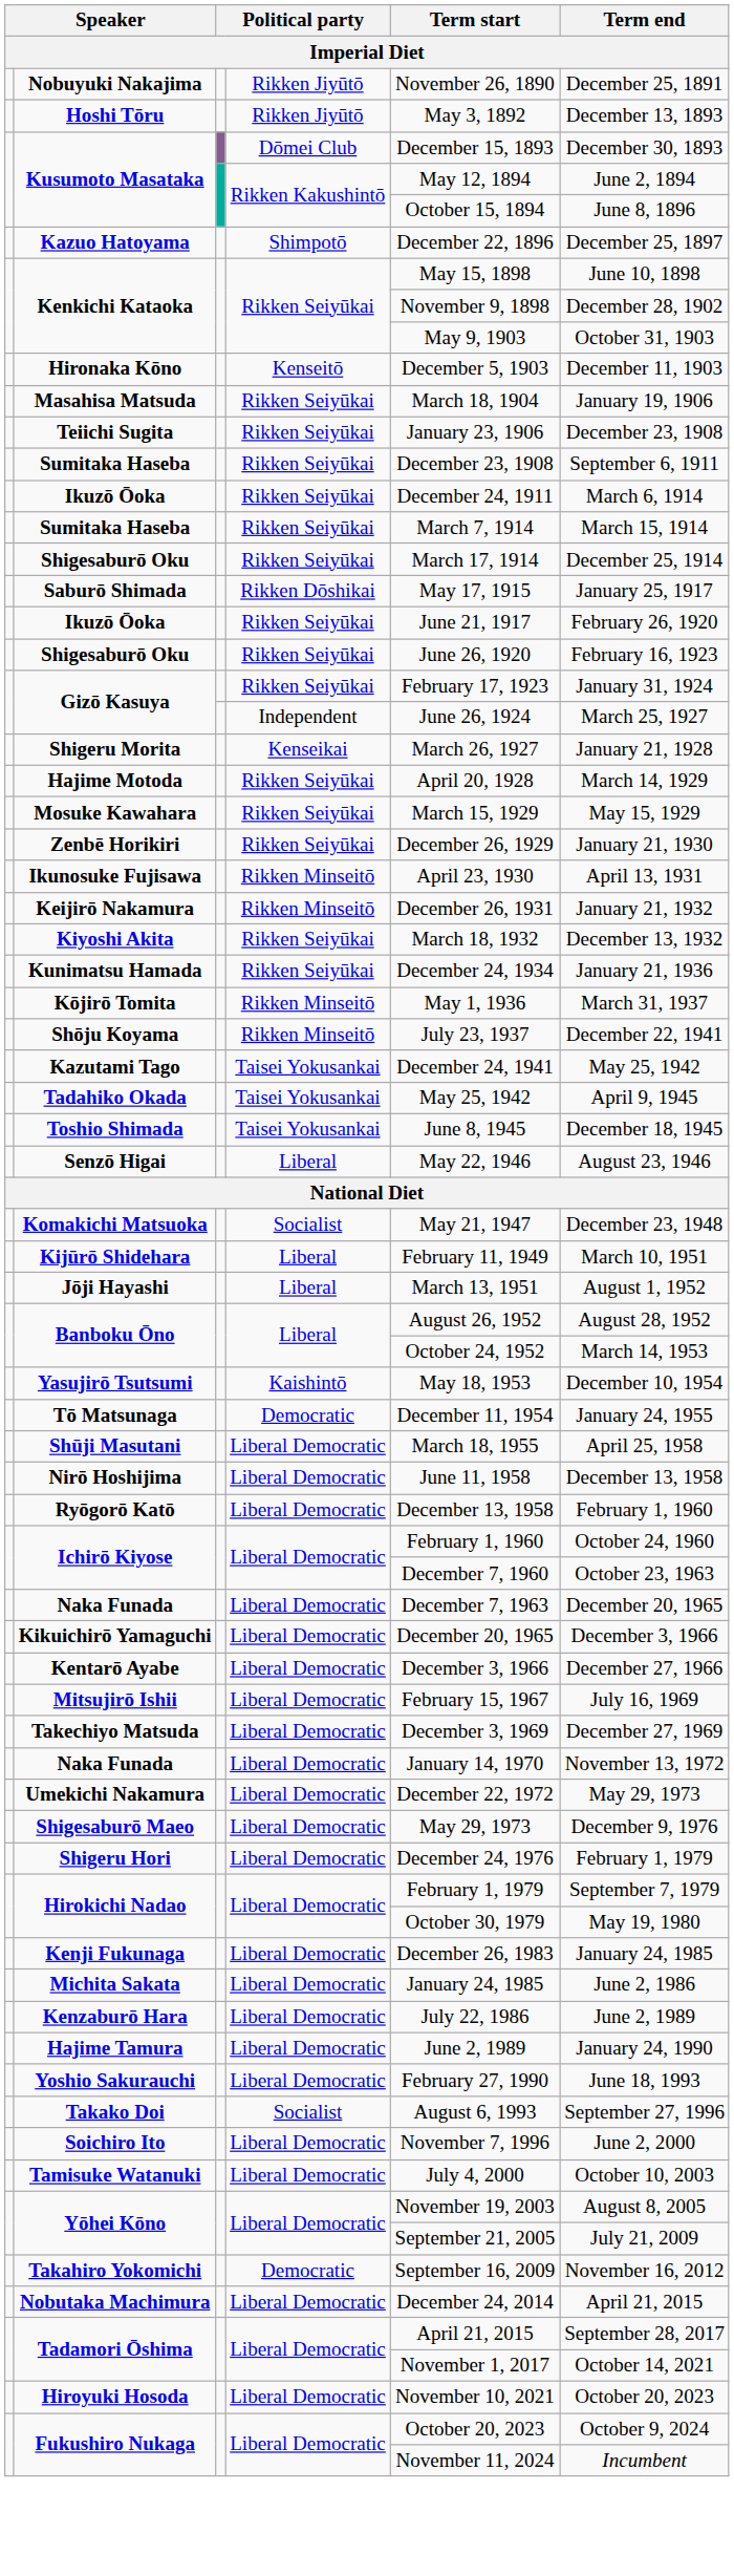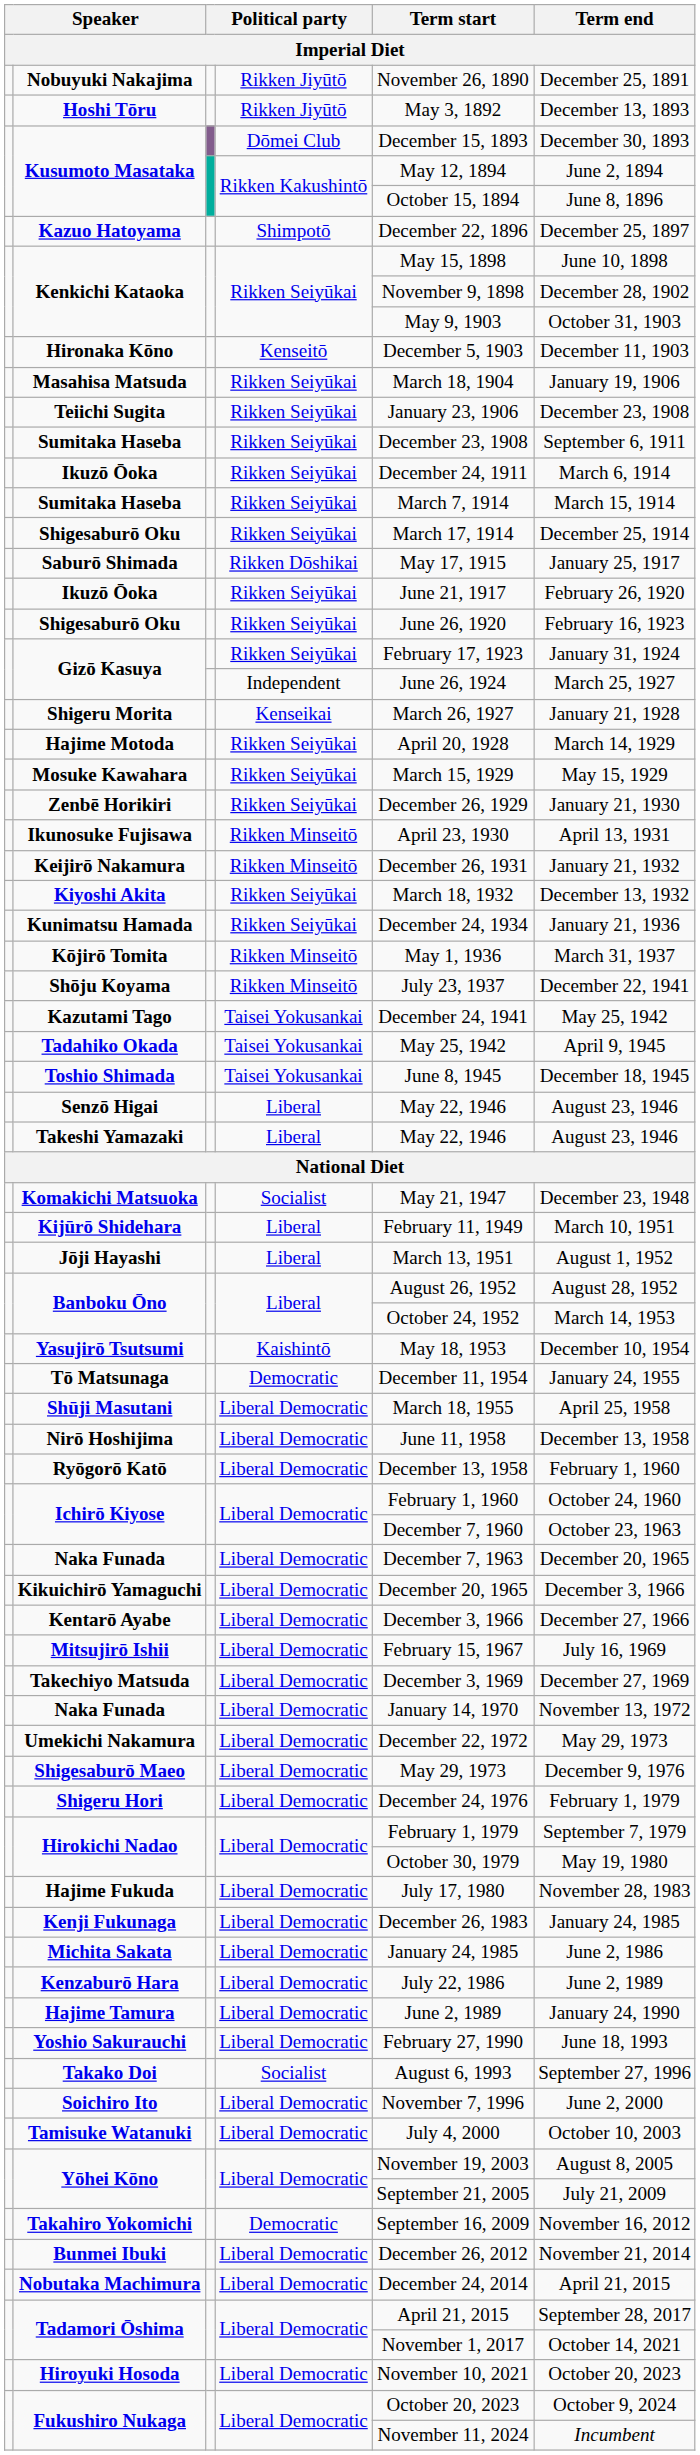 <table class="wikitable" style="text-align:center; border:1px #AAAAFF solid">
 <tr>
 <th colspan="2" align="center" width="0">Speaker</th>
 <th colspan="2" align="center" width="0">Political party</th>
 <th align="center" width="0">Term start</th>
 <th>Term end</th>
 </tr>
 <tr>
 <th colspan="6">Imperial Diet<br></th>
 </tr>
 <tr>
 <td></td>
 <td><strong>Nobuyuki Nakajima</strong><br></td>
 <td style="background:"></td>
 <td><a href='#'>Rikken Jiyūtō</a></td>
 <td>November 26, 1890</td>
 <td>December 25, 1891</td>
 </tr>
 <tr>
 <td></td>
 <td><strong><a href='#'>Hoshi Tōru</a></strong><br></td>
 <td style="background:"></td>
 <td><a href='#'>Rikken Jiyūtō</a></td>
 <td>May 3, 1892</td>
 <td>December 13, 1893</td>
 </tr>
 <tr>
 <td rowspan="3"></td>
 <td rowspan="3"><strong><a href='#'>Kusumoto Masataka</a></strong><br></td>
 <td style="background:#825C8C;"></td>
 <td><a href='#'>Dōmei Club</a></td>
 <td>December 15, 1893</td>
 <td>December 30, 1893</td>
 </tr>
 <tr>
 <td rowspan="2" style="background:#00AE9D;"></td>
 <td rowspan="2"><a href='#'>Rikken Kakushintō</a></td>
 <td>May 12, 1894</td>
 <td>June 2, 1894</td>
 </tr>
 <tr>
 <td>October 15, 1894</td>
 <td>June 8, 1896</td>
 </tr>
 <tr>
 <td></td>
 <td><strong><a href='#'>Kazuo Hatoyama</a></strong><br></td>
 <td style="background:"></td>
 <td><a href='#'>Shimpotō</a></td>
 <td>December 22, 1896</td>
 <td>December 25, 1897</td>
 </tr>
 <tr>
 <td rowspan="3"></td>
 <td rowspan="3"><strong>Kenkichi Kataoka</strong><br></td>
 <td rowspan="3" style="background:"></td>
 <td rowspan="3"><a href='#'>Rikken Seiyūkai</a></td>
 <td>May 15, 1898</td>
 <td>June 10, 1898</td>
 </tr>
 <tr>
 <td>November 9, 1898</td>
 <td>December 28, 1902</td>
 </tr>
 <tr>
 <td>May 9, 1903</td>
 <td>October 31, 1903</td>
 </tr>
 <tr>
 <td></td>
 <td><strong>Hironaka Kōno</strong><br></td>
 <td style="background:"></td>
 <td><a href='#'>Kenseitō</a></td>
 <td>December 5, 1903</td>
 <td>December 11, 1903</td>
 </tr>
 <tr>
 <td></td>
 <td><strong>Masahisa Matsuda</strong><br></td>
 <td style="background:"></td>
 <td><a href='#'>Rikken Seiyūkai</a></td>
 <td>March 18, 1904</td>
 <td>January 19, 1906</td>
 </tr>
 <tr>
 <td></td>
 <td><strong>Teiichi Sugita</strong><br></td>
 <td style="background:"></td>
 <td><a href='#'>Rikken Seiyūkai</a></td>
 <td>January 23, 1906</td>
 <td>December 23, 1908</td>
 </tr>
 <tr>
 <td></td>
 <td><strong>Sumitaka Haseba</strong><br></td>
 <td style="background:"></td>
 <td><a href='#'>Rikken Seiyūkai</a></td>
 <td>December 23, 1908</td>
 <td>September 6, 1911</td>
 </tr>
 <tr>
 <td></td>
 <td><strong>Ikuzō Ōoka</strong><br></td>
 <td style="background:"></td>
 <td><a href='#'>Rikken Seiyūkai</a></td>
 <td>December 24, 1911</td>
 <td>March 6, 1914</td>
 </tr>
 <tr>
 <td></td>
 <td><strong>Sumitaka Haseba</strong><br></td>
 <td style="background:"></td>
 <td><a href='#'>Rikken Seiyūkai</a></td>
 <td>March 7, 1914</td>
 <td>March 15, 1914</td>
 </tr>
 <tr>
 <td></td>
 <td><strong>Shigesaburō Oku</strong><br></td>
 <td style="background:"></td>
 <td><a href='#'>Rikken Seiyūkai</a></td>
 <td>March 17, 1914</td>
 <td>December 25, 1914</td>
 </tr>
 <tr>
 <td></td>
 <td><strong>Saburō Shimada</strong><br></td>
 <td style="background:"></td>
 <td><a href='#'>Rikken Dōshikai</a></td>
 <td>May 17, 1915</td>
 <td>January 25, 1917</td>
 </tr>
 <tr>
 <td></td>
 <td><strong>Ikuzō Ōoka</strong><br></td>
 <td style="background:"></td>
 <td><a href='#'>Rikken Seiyūkai</a></td>
 <td>June 21, 1917</td>
 <td>February 26, 1920</td>
 </tr>
 <tr>
 <td></td>
 <td><strong>Shigesaburō Oku</strong><br></td>
 <td style="background:"></td>
 <td><a href='#'>Rikken Seiyūkai</a></td>
 <td>June 26, 1920</td>
 <td>February 16, 1923</td>
 </tr>
 <tr>
 <td rowspan="2"></td>
 <td rowspan="2"><strong>Gizō Kasuya</strong><br></td>
 <td style="background:"></td>
 <td><a href='#'>Rikken Seiyūkai</a></td>
 <td>February 17, 1923</td>
 <td>January 31, 1924</td>
 </tr>
 <tr>
 <td style="background:"></td>
 <td>Independent</td>
 <td>June 26, 1924</td>
 <td>March 25, 1927</td>
 </tr>
 <tr>
 <td></td>
 <td><strong>Shigeru Morita</strong><br></td>
 <td style="background:"></td>
 <td><a href='#'>Kenseikai</a></td>
 <td>March 26, 1927</td>
 <td>January 21, 1928</td>
 </tr>
 <tr>
 <td></td>
 <td><strong>Hajime Motoda</strong><br></td>
 <td style="background:"></td>
 <td><a href='#'>Rikken Seiyūkai</a></td>
 <td>April 20, 1928</td>
 <td>March 14, 1929</td>
 </tr>
 <tr>
 <td></td>
 <td><strong>Mosuke Kawahara</strong><br></td>
 <td style="background:"></td>
 <td><a href='#'>Rikken Seiyūkai</a></td>
 <td>March 15, 1929</td>
 <td>May 15, 1929</td>
 </tr>
 <tr>
 <td></td>
 <td><strong>Zenbē Horikiri</strong><br></td>
 <td style="background:"></td>
 <td><a href='#'>Rikken Seiyūkai</a></td>
 <td>December 26, 1929</td>
 <td>January 21, 1930</td>
 </tr>
 <tr>
 <td></td>
 <td><strong>Ikunosuke Fujisawa</strong><br></td>
 <td style="background:"></td>
 <td><a href='#'>Rikken Minseitō</a></td>
 <td>April 23, 1930</td>
 <td>April 13, 1931</td>
 </tr>
 <tr>
 <td></td>
 <td><strong>Keijirō Nakamura</strong><br></td>
 <td style="background:"></td>
 <td><a href='#'>Rikken Minseitō</a></td>
 <td>December 26, 1931</td>
 <td>January 21, 1932</td>
 </tr>
 <tr>
 <td></td>
 <td><strong><a href='#'>Kiyoshi Akita</a></strong><br></td>
 <td style="background:"></td>
 <td><a href='#'>Rikken Seiyūkai</a></td>
 <td>March 18, 1932</td>
 <td>December 13, 1932</td>
 </tr>
 <tr>
 <td></td>
 <td><strong>Kunimatsu Hamada</strong><br></td>
 <td style="background:"></td>
 <td><a href='#'>Rikken Seiyūkai</a></td>
 <td>December 24, 1934</td>
 <td>January 21, 1936</td>
 </tr>
 <tr>
 <td></td>
 <td><strong>Kōjirō Tomita</strong><br></td>
 <td style="background:"></td>
 <td><a href='#'>Rikken Minseitō</a></td>
 <td>May 1, 1936</td>
 <td>March 31, 1937</td>
 </tr>
 <tr>
 <td></td>
 <td><strong>Shōju Koyama</strong><br></td>
 <td style="background:"></td>
 <td><a href='#'>Rikken Minseitō</a></td>
 <td>July 23, 1937</td>
 <td>December 22, 1941</td>
 </tr>
 <tr>
 <td></td>
 <td><strong>Kazutami Tago</strong><br></td>
 <td style="background:"></td>
 <td><a href='#'>Taisei Yokusankai</a></td>
 <td>December 24, 1941</td>
 <td>May 25, 1942</td>
 </tr>
 <tr>
 <td></td>
 <td><strong><a href='#'>Tadahiko Okada</a></strong><br></td>
 <td style="background:"></td>
 <td><a href='#'>Taisei Yokusankai</a></td>
 <td>May 25, 1942</td>
 <td>April 9, 1945</td>
 </tr>
 <tr>
 <td></td>
 <td><strong><a href='#'>Toshio Shimada</a></strong><br></td>
 <td style="background:"></td>
 <td><a href='#'>Taisei Yokusankai</a></td>
 <td>June 8, 1945</td>
 <td>December 18, 1945</td>
 </tr>
 <tr>
 <td></td>
 <td><strong>Senzō Higai</strong><br></td>
 <td style="background:"></td>
 <td><a href='#'>Liberal</a></td>
 <td>May 22, 1946</td>
 <td>August 23, 1946</td>
 </tr>
 <tr>
+<td></td>
+<td><strong>Takeshi Yamazaki</strong><br></td>
+<td style="background:"></td>
+<td><a href='#'>Liberal</a></td>
+<td>May 22, 1946</td>
+<td>August 23, 1946</td>
+</tr>
+<tr>
 <th colspan="6">National Diet<br></th>
 </tr>
 <tr>
 <td></td>
 <td><strong><a href='#'>Komakichi Matsuoka</a></strong><br></td>
 <td style="background:"></td>
 <td><a href='#'>Socialist</a></td>
 <td>May 21, 1947</td>
 <td>December 23, 1948</td>
 </tr>
 <tr>
 <td></td>
 <td><strong><a href='#'>Kijūrō Shidehara</a></strong><br></td>
 <td style="background:"></td>
 <td><a href='#'>Liberal</a></td>
 <td>February 11, 1949</td>
 <td>March 10, 1951</td>
 </tr>
 <tr>
 <td></td>
 <td><strong>Jōji Hayashi</strong><br></td>
 <td style="background:"></td>
 <td><a href='#'>Liberal</a></td>
 <td>March 13, 1951</td>
 <td>August 1, 1952</td>
 </tr>
 <tr>
 <td rowspan="2"></td>
 <td rowspan="2"><strong><a href='#'>Banboku Ōno</a></strong><br></td>
 <td rowspan="2" style="background:"></td>
 <td rowspan="2"><a href='#'>Liberal</a></td>
 <td>August 26, 1952</td>
 <td>August 28, 1952</td>
 </tr>
 <tr>
 <td>October 24, 1952</td>
 <td>March 14, 1953</td>
 </tr>
 <tr>
 <td></td>
 <td><strong><a href='#'>Yasujirō Tsutsumi</a></strong><br></td>
 <td style="background:"></td>
 <td><a href='#'>Kaishintō</a></td>
 <td>May 18, 1953</td>
 <td>December 10, 1954</td>
 </tr>
 <tr>
 <td></td>
 <td><strong>Tō Matsunaga</strong><br></td>
 <td style="background:"></td>
 <td><a href='#'>Democratic</a></td>
 <td>December 11, 1954</td>
 <td>January 24, 1955</td>
 </tr>
 <tr>
 <td></td>
 <td><strong><a href='#'>Shūji Masutani</a></strong><br></td>
 <td style="background:"></td>
 <td><a href='#'>Liberal Democratic</a></td>
 <td>March 18, 1955</td>
 <td>April 25, 1958</td>
 </tr>
 <tr>
 <td></td>
 <td><strong>Nirō Hoshijima</strong><br></td>
 <td style="background:"></td>
 <td><a href='#'>Liberal Democratic</a></td>
 <td>June 11, 1958</td>
 <td>December 13, 1958</td>
 </tr>
 <tr>
 <td></td>
 <td><strong>Ryōgorō Katō</strong><br></td>
 <td style="background:"></td>
 <td><a href='#'>Liberal Democratic</a></td>
 <td>December 13, 1958</td>
 <td>February 1, 1960</td>
 </tr>
 <tr>
 <td rowspan="2"></td>
 <td rowspan="2"><strong><a href='#'>Ichirō Kiyose</a></strong><br></td>
 <td rowspan="2" style="background:"></td>
 <td rowspan="2"><a href='#'>Liberal Democratic</a></td>
 <td>February 1, 1960</td>
 <td>October 24, 1960</td>
 </tr>
 <tr>
 <td>December 7, 1960</td>
 <td>October 23, 1963</td>
 </tr>
 <tr>
 <td></td>
 <td><strong>Naka Funada</strong><br></td>
 <td style="background:"></td>
 <td><a href='#'>Liberal Democratic</a></td>
 <td>December 7, 1963</td>
 <td>December 20, 1965</td>
 </tr>
 <tr>
 <td></td>
 <td><strong>Kikuichirō Yamaguchi</strong><br></td>
 <td style="background:"></td>
 <td><a href='#'>Liberal Democratic</a></td>
 <td>December 20, 1965</td>
 <td>December 3, 1966</td>
 </tr>
 <tr>
 <td></td>
 <td><strong>Kentarō Ayabe</strong><br></td>
 <td style="background:"></td>
 <td><a href='#'>Liberal Democratic</a></td>
 <td>December 3, 1966</td>
 <td>December 27, 1966</td>
 </tr>
 <tr>
 <td></td>
 <td><strong><a href='#'>Mitsujirō Ishii</a></strong><br></td>
 <td style="background:"></td>
 <td><a href='#'>Liberal Democratic</a></td>
 <td>February 15, 1967</td>
 <td>July 16, 1969</td>
 </tr>
 <tr>
 <td></td>
 <td><strong>Takechiyo Matsuda</strong><br></td>
 <td style="background:"></td>
 <td><a href='#'>Liberal Democratic</a></td>
 <td>December 3, 1969</td>
 <td>December 27, 1969</td>
 </tr>
 <tr>
 <td></td>
 <td><strong>Naka Funada</strong><br></td>
 <td style="background:"></td>
 <td><a href='#'>Liberal Democratic</a></td>
 <td>January 14, 1970</td>
 <td>November 13, 1972</td>
 </tr>
 <tr>
 <td></td>
 <td><strong>Umekichi Nakamura</strong><br></td>
 <td style="background:"></td>
 <td><a href='#'>Liberal Democratic</a></td>
 <td>December 22, 1972</td>
 <td>May 29, 1973</td>
 </tr>
 <tr>
 <td></td>
 <td><strong><a href='#'>Shigesaburō Maeo</a></strong><br></td>
 <td style="background:"></td>
 <td><a href='#'>Liberal Democratic</a></td>
 <td>May 29, 1973</td>
 <td>December 9, 1976</td>
 </tr>
 <tr>
 <td></td>
 <td><strong><a href='#'>Shigeru Hori</a></strong><br></td>
 <td style="background:"></td>
 <td><a href='#'>Liberal Democratic</a></td>
 <td>December 24, 1976</td>
 <td>February 1, 1979</td>
 </tr>
 <tr>
 <td rowspan="2"></td>
 <td rowspan="2"><strong><a href='#'>Hirokichi Nadao</a></strong><br></td>
 <td rowspan="2" style="background:"></td>
 <td rowspan="2"><a href='#'>Liberal Democratic</a></td>
 <td>February 1, 1979</td>
 <td>September 7, 1979</td>
 </tr>
 <tr>
 <td>October 30, 1979</td>
 <td>May 19, 1980</td>
 </tr>
 <tr>
 <td></td>
+<td><strong>Hajime Fukuda</strong><br></td>
+<td style="background:"></td>
+<td><a href='#'>Liberal Democratic</a></td>
+<td>July 17, 1980</td>
+<td>November 28, 1983</td>
+</tr>
+<tr>
+<td></td>
 <td><strong><a href='#'>Kenji Fukunaga</a></strong><br></td>
 <td style="background:"></td>
 <td><a href='#'>Liberal Democratic</a></td>
 <td>December 26, 1983</td>
 <td>January 24, 1985</td>
 </tr>
 <tr>
 <td></td>
 <td><strong><a href='#'>Michita Sakata</a></strong><br></td>
 <td style="background:"></td>
 <td><a href='#'>Liberal Democratic</a></td>
 <td>January 24, 1985</td>
 <td>June 2, 1986</td>
 </tr>
 <tr>
 <td></td>
 <td><strong><a href='#'>Kenzaburō Hara</a></strong><br></td>
 <td style="background:"></td>
 <td><a href='#'>Liberal Democratic</a></td>
 <td>July 22, 1986</td>
 <td>June 2, 1989</td>
 </tr>
 <tr>
 <td></td>
 <td><strong><a href='#'>Hajime Tamura</a></strong><br></td>
 <td style="background:"></td>
 <td><a href='#'>Liberal Democratic</a></td>
 <td>June 2, 1989</td>
 <td>January 24, 1990</td>
 </tr>
 <tr>
 <td></td>
 <td><strong><a href='#'>Yoshio Sakurauchi</a></strong><br></td>
 <td style="background:"></td>
 <td><a href='#'>Liberal Democratic</a></td>
 <td>February 27, 1990</td>
 <td>June 18, 1993</td>
 </tr>
 <tr>
 <td></td>
 <td><strong><a href='#'>Takako Doi</a></strong><br></td>
 <td style="background:"></td>
 <td><a href='#'>Socialist</a></td>
 <td>August 6, 1993</td>
 <td>September 27, 1996</td>
 </tr>
 <tr>
 <td></td>
 <td><a href='#'><strong>Soichiro Ito</strong></a><br></td>
 <td style="background:"></td>
 <td><a href='#'>Liberal Democratic</a></td>
 <td>November 7, 1996</td>
 <td>June 2, 2000</td>
 </tr>
 <tr>
 <td></td>
 <td><strong><a href='#'>Tamisuke Watanuki</a></strong><br></td>
 <td style="background:"></td>
 <td><a href='#'>Liberal Democratic</a></td>
 <td>July 4, 2000</td>
 <td>October 10, 2003</td>
 </tr>
 <tr>
 <td rowspan="2"></td>
 <td rowspan="2"><strong><a href='#'>Yōhei Kōno</a></strong><br></td>
 <td rowspan="2" style="background:"></td>
 <td rowspan="2"><a href='#'>Liberal Democratic</a></td>
 <td>November 19, 2003</td>
 <td>August 8, 2005</td>
 </tr>
 <tr>
 <td>September 21, 2005</td>
 <td>July 21, 2009</td>
 </tr>
 <tr>
 <td></td>
 <td><strong><a href='#'>Takahiro Yokomichi</a></strong><br></td>
 <td style="background:"></td>
 <td><a href='#'>Democratic</a></td>
 <td>September 16, 2009</td>
 <td>November 16, 2012</td>
 </tr>
 <tr>
 <td></td>
+<td><strong><a href='#'>Bunmei Ibuki</a></strong><br></td>
+<td style="background:"></td>
+<td><a href='#'>Liberal Democratic</a></td>
+<td>December 26, 2012</td>
+<td>November 21, 2014</td>
+</tr>
+<tr>
+<td></td>
 <td><strong><a href='#'>Nobutaka Machimura</a></strong><br></td>
 <td style="background:"></td>
 <td><a href='#'>Liberal Democratic</a></td>
 <td>December 24, 2014</td>
 <td>April 21, 2015</td>
 </tr>
 <tr>
 <td rowspan="2"></td>
 <td rowspan="2"><strong><a href='#'>Tadamori Ōshima</a></strong><br></td>
 <td rowspan="2" style="background:"></td>
 <td rowspan="2"><a href='#'>Liberal Democratic</a></td>
 <td>April 21, 2015</td>
 <td>September 28, 2017</td>
 </tr>
 <tr>
 <td>November 1, 2017</td>
 <td>October 14, 2021</td>
 </tr>
 <tr>
 <td></td>
 <td><strong><a href='#'>Hiroyuki Hosoda</a></strong><br></td>
 <td style="background:"></td>
 <td><a href='#'>Liberal Democratic</a></td>
 <td>November 10, 2021</td>
 <td>October 20, 2023</td>
 </tr>
 <tr>
 <td rowspan="2"></td>
 <td rowspan="2"><strong><a href='#'>Fukushiro Nukaga</a></strong><br></td>
 <td rowspan="2" style="background:"></td>
 <td rowspan="2"><a href='#'>Liberal Democratic</a></td>
 <td>October 20, 2023</td>
 <td>October 9, 2024</td>
 </tr>
 <tr>
 <td>November 11, 2024</td>
 <td><em>Incumbent</em></td>
 </tr>
 </table>
